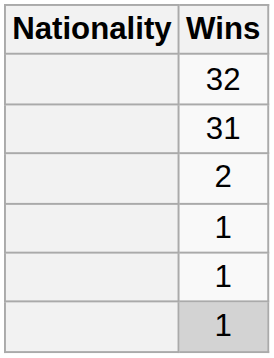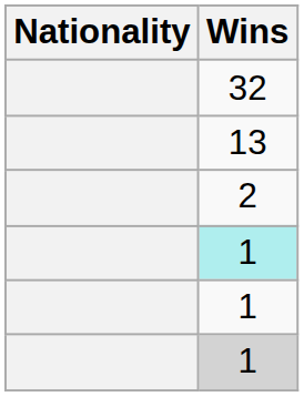 <table class="wikitable plainrowheaders">
 <tr>
 <th scope="col">Nationality</th>
 <th scope="col">Wins</th>
 </tr>
 <tr>
 <th scope="row"></th>
 <td style="text-align:center;">32</td>
 </tr>
 <tr>
 <th scope="row"></th>
-<td style="text-align:center;">31</td>
+<td style="text-align:center;">13</td>
 </tr>
 <tr>
 <th scope="row"></th>
 <td style="text-align:center;">2</td>
 </tr>
 <tr>
 <th scope="row"></th>
-<td style="text-align:center;">1</td>
+<td style="background: paleturquoise; text-align:center;">1</td>
 </tr>
 <tr>
 <th scope="row"></th>
 <td style="text-align:center;">1</td>
 </tr>
 <tr>
 <th scope="row"></th>
 <td style="background: lightgrey; text-align:center;">1</td>
 </tr>
 </table>
